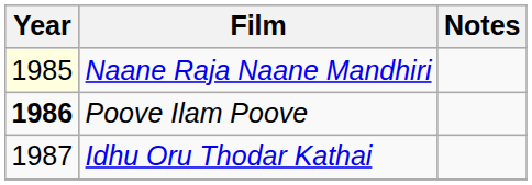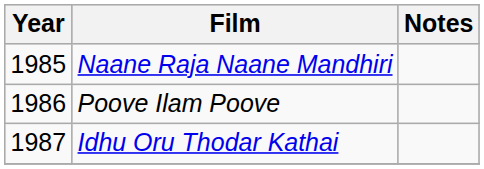 <table class="wikitable sortable ">
 <tr>
 <th scope="col">Year</th>
 <th scope="col">Film</th>
 <th scope="col">Notes</th>
 </tr>
 <tr>
-<td style="background: lightyellow;">1985</td>
+<td>1985</td>
 <td><em><a href='#'>Naane Raja Naane Mandhiri</a></em></td>
 <td></td>
 </tr>
 <tr>
-<td><strong>1986</strong></td>
+<td>1986</td>
 <td><em>Poove Ilam Poove</em></td>
 <td></td>
 </tr>
 <tr>
 <td>1987</td>
 <td><em><a href='#'>Idhu Oru Thodar Kathai</a></em></td>
 <td></td>
 </tr>
 <tr>
 </tr>
 </table>
